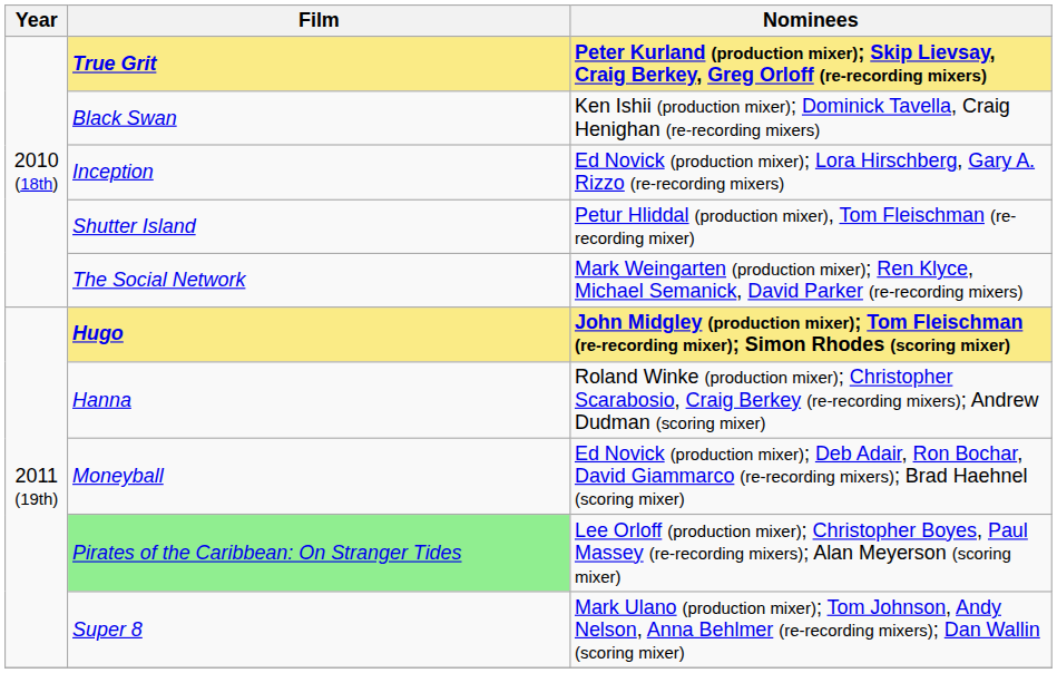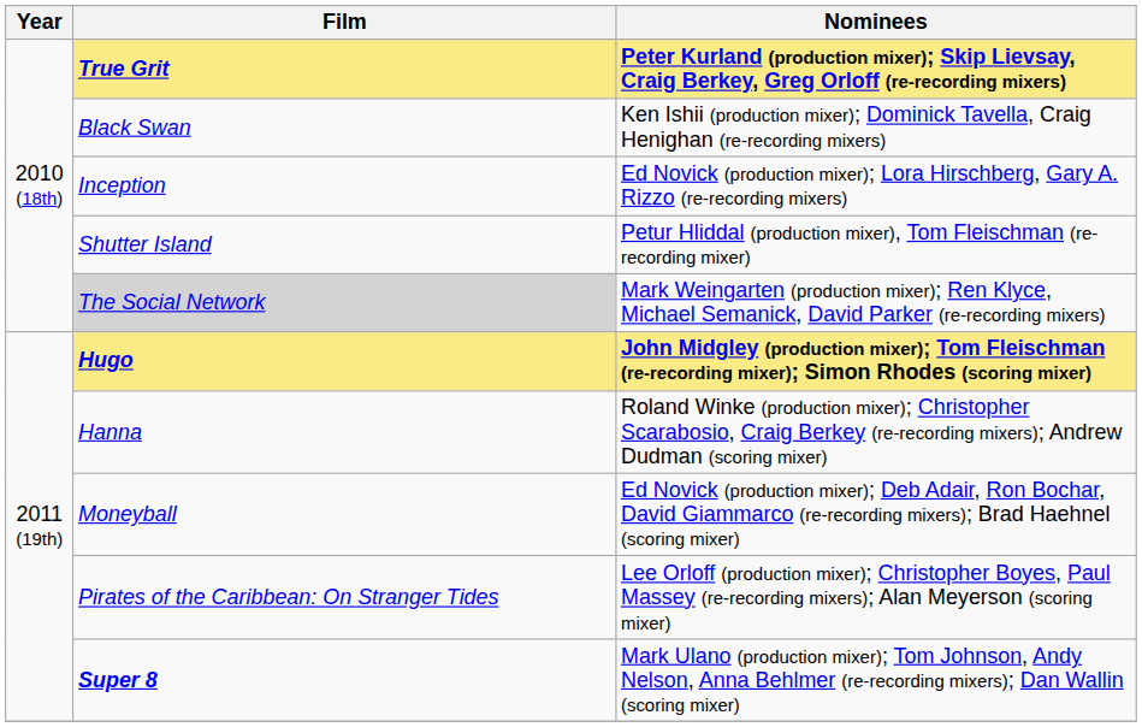 <table class="wikitable" width="95%" cellpadding="5">
 <tr>
 <th width="6%">Year</th>
 <th width="48%">Film</th>
 <th width="48%">Nominees</th>
 </tr>
 <tr>
 <td rowspan="5" style="text-align:center;">2010 <br><small>(<a href='#'>18th</a>)</small><br></td>
 <td style="background:#FAEB86;"><strong><em><a href='#'>True Grit</a></em></strong></td>
 <td style="background:#FAEB86;"><strong><a href='#'>Peter Kurland</a> <small>(production mixer)</small>; <a href='#'>Skip Lievsay</a>, <a href='#'>Craig Berkey</a>, <a href='#'>Greg Orloff</a> <small>(re-recording mixers)</small></strong></td>
 </tr>
 <tr>
 <td><em><a href='#'>Black Swan</a></em></td>
 <td>Ken Ishii <small>(production mixer)</small>; <a href='#'>Dominick Tavella</a>, Craig Henighan <small>(re-recording mixers)</small></td>
 </tr>
 <tr>
 <td><em><a href='#'>Inception</a></em></td>
 <td><a href='#'>Ed Novick</a> <small>(production mixer)</small>; <a href='#'>Lora Hirschberg</a>, <a href='#'>Gary A. Rizzo</a> <small>(re-recording mixers)</small></td>
 </tr>
 <tr>
 <td><em><a href='#'>Shutter Island</a></em></td>
 <td><a href='#'>Petur Hliddal</a> <small>(production mixer)</small>, <a href='#'>Tom Fleischman</a> <small>(re-recording mixer)</small></td>
 </tr>
 <tr>
-<td><em><a href='#'>The Social Network</a></em></td>
+<td style="background: lightgrey;"><em><a href='#'>The Social Network</a></em></td>
 <td><a href='#'>Mark Weingarten</a> <small>(production mixer)</small>; <a href='#'>Ren Klyce</a>, <a href='#'>Michael Semanick</a>, <a href='#'>David Parker</a> <small>(re-recording mixers)</small></td>
 </tr>
 <tr>
 <td rowspan="5" style="text-align:center;">2011 <br><small>(19th)</small><br></td>
 <td style="background:#FAEB86;"><strong><em><a href='#'>Hugo</a></em></strong></td>
 <td style="background:#FAEB86;"><strong><a href='#'>John Midgley</a> <small>(production mixer)</small>; <a href='#'>Tom Fleischman</a> <small>(re-recording mixer)</small>; Simon Rhodes <small>(scoring mixer)</small></strong></td>
 </tr>
 <tr>
 <td><em><a href='#'>Hanna</a></em></td>
 <td>Roland Winke <small>(production mixer)</small>; <a href='#'>Christopher Scarabosio</a>, <a href='#'>Craig Berkey</a> <small>(re-recording mixers)</small>; Andrew Dudman <small>(scoring mixer)</small></td>
 </tr>
 <tr>
 <td><em><a href='#'>Moneyball</a></em></td>
 <td><a href='#'>Ed Novick</a> <small>(production mixer)</small>; <a href='#'>Deb Adair</a>, <a href='#'>Ron Bochar</a>, <a href='#'>David Giammarco</a> <small>(re-recording mixers)</small>; Brad Haehnel <small>(scoring mixer)</small></td>
 </tr>
 <tr>
-<td style="background: lightgreen;"><em><a href='#'>Pirates of the Caribbean: On Stranger Tides</a></em></td>
+<td><em><a href='#'>Pirates of the Caribbean: On Stranger Tides</a></em></td>
 <td><a href='#'>Lee Orloff</a> <small>(production mixer)</small>; <a href='#'>Christopher Boyes</a>, <a href='#'>Paul Massey</a> <small>(re-recording mixers)</small>; Alan Meyerson <small>(scoring mixer)</small></td>
 </tr>
 <tr>
-<td><em><a href='#'>Super 8</a></em></td>
+<td><strong><em><a href='#'>Super 8</a></em></strong></td>
 <td><a href='#'>Mark Ulano</a> <small>(production mixer)</small>; <a href='#'>Tom Johnson</a>, <a href='#'>Andy Nelson</a>, <a href='#'>Anna Behlmer</a> <small>(re-recording mixers)</small>; <a href='#'>Dan Wallin</a> <small>(scoring mixer)</small></td>
 </tr>
 <tr>
 </tr>
 </table>
